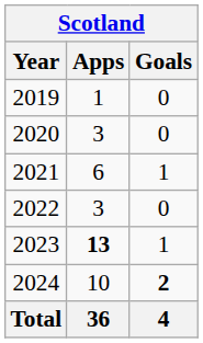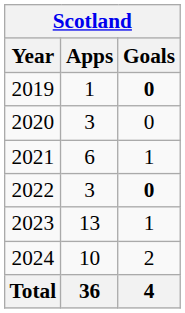 <table class="wikitable" style="text-align:center">
 <tr>
 <th colspan=3><a href='#'>Scotland</a></th>
 </tr>
 <tr>
 <th>Year</th>
 <th>Apps</th>
 <th>Goals</th>
 </tr>
 <tr>
 <td>2019</td>
 <td>1</td>
-<td>0</td>
+<td><strong>0</strong></td>
 </tr>
 <tr>
 <td>2020</td>
 <td>3</td>
 <td>0</td>
 </tr>
 <tr>
 <td>2021</td>
 <td>6</td>
 <td>1</td>
 </tr>
 <tr>
 <td>2022</td>
 <td>3</td>
-<td>0</td>
+<td><strong>0</strong></td>
 </tr>
 <tr>
 <td>2023</td>
-<td><strong>13</strong></td>
+<td>13</td>
 <td>1</td>
 </tr>
 <tr>
 <td>2024</td>
 <td>10</td>
-<td><strong>2</strong></td>
+<td>2</td>
 </tr>
 <tr>
 <th>Total</th>
 <th>36</th>
 <th>4</th>
 </tr>
 </table>
